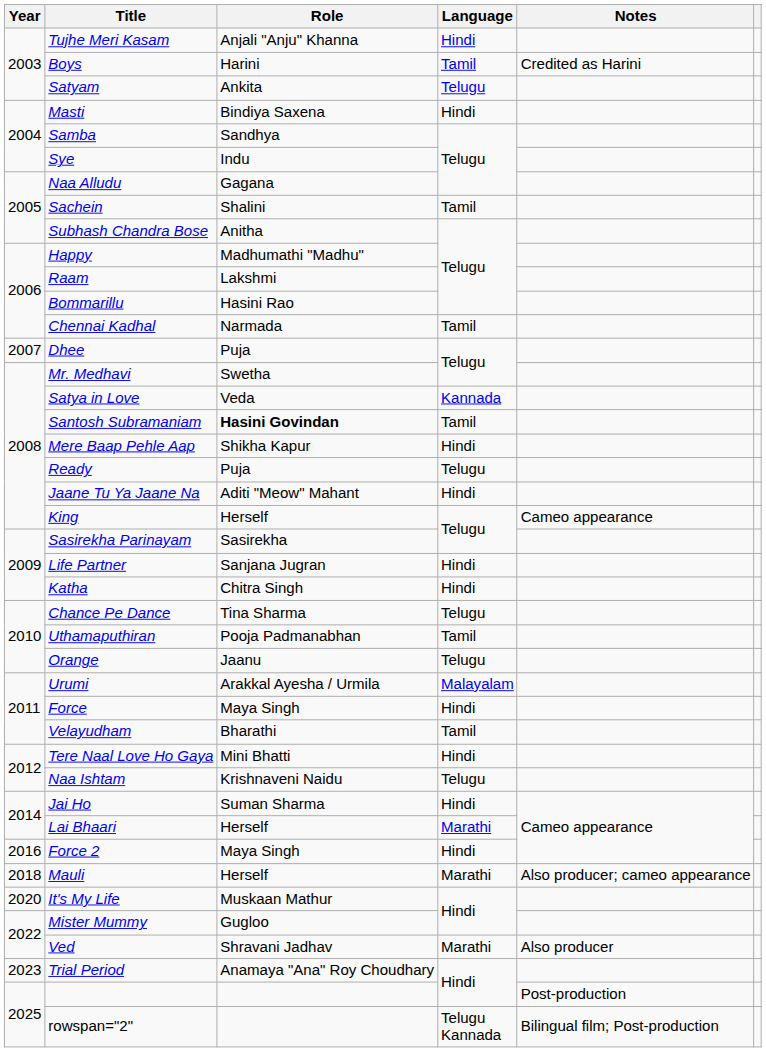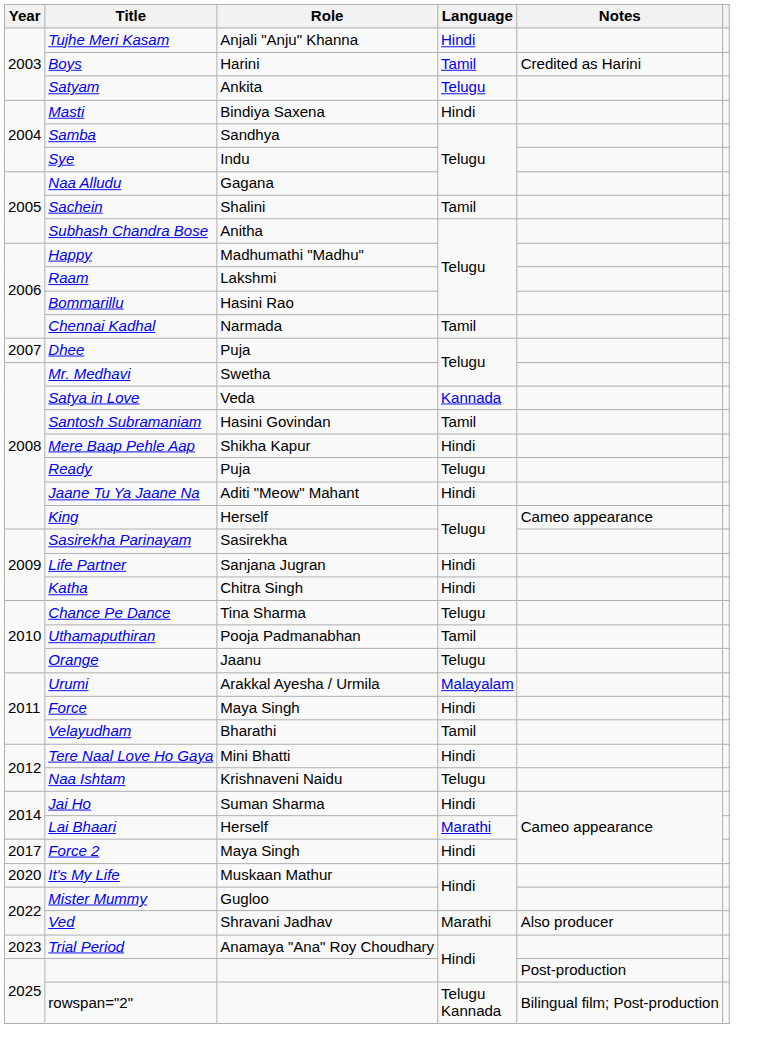 <table class="wikitable sortable">
 <tr>
 <th>Year</th>
 <th>Title</th>
 <th>Role</th>
 <th>Language</th>
 <th class="unsortable">Notes</th>
 <th class="unsortable"></th>
 </tr>
 <tr>
 <td rowspan="3">2003</td>
 <td><em><a href='#'>Tujhe Meri Kasam</a></em></td>
 <td>Anjali "Anju" Khanna</td>
 <td><a href='#'>Hindi</a></td>
 <td></td>
 <td></td>
 </tr>
 <tr>
 <td><em><a href='#'>Boys</a></em></td>
 <td>Harini</td>
 <td><a href='#'>Tamil</a></td>
 <td>Credited as Harini</td>
 <td></td>
 </tr>
 <tr>
 <td><em><a href='#'>Satyam</a></em></td>
 <td>Ankita</td>
 <td><a href='#'>Telugu</a></td>
 <td></td>
 <td></td>
 </tr>
 <tr>
 <td rowspan="3">2004</td>
 <td><em><a href='#'>Masti</a></em></td>
 <td>Bindiya Saxena</td>
 <td>Hindi</td>
 <td></td>
 <td></td>
 </tr>
 <tr>
 <td><em><a href='#'>Samba</a></em></td>
 <td>Sandhya</td>
 <td rowspan="3">Telugu</td>
 <td></td>
 <td></td>
 </tr>
 <tr>
 <td><em><a href='#'>Sye</a></em></td>
 <td>Indu</td>
 <td></td>
 <td></td>
 </tr>
 <tr>
 <td rowspan="3">2005</td>
 <td><em><a href='#'>Naa Alludu</a></em></td>
 <td>Gagana</td>
 <td></td>
 <td></td>
 </tr>
 <tr>
 <td><em><a href='#'>Sachein</a></em></td>
 <td>Shalini</td>
 <td>Tamil</td>
 <td></td>
 <td></td>
 </tr>
 <tr>
 <td><em><a href='#'>Subhash Chandra Bose</a></em></td>
 <td>Anitha</td>
 <td rowspan="4">Telugu</td>
 <td></td>
 <td></td>
 </tr>
 <tr>
 <td rowspan="4">2006</td>
 <td><em><a href='#'>Happy</a></em></td>
 <td>Madhumathi "Madhu"</td>
 <td></td>
 <td></td>
 </tr>
 <tr>
 <td><em><a href='#'>Raam</a></em></td>
 <td>Lakshmi</td>
 <td></td>
 <td></td>
 </tr>
 <tr>
 <td><em><a href='#'>Bommarillu</a></em></td>
 <td>Hasini Rao</td>
 <td></td>
 <td></td>
 </tr>
 <tr>
 <td><em><a href='#'>Chennai Kadhal</a></em></td>
 <td>Narmada</td>
 <td>Tamil</td>
 <td></td>
 <td></td>
 </tr>
 <tr>
 <td>2007</td>
 <td><em><a href='#'>Dhee</a></em></td>
 <td>Puja</td>
 <td rowspan="2">Telugu</td>
 <td></td>
 <td></td>
 </tr>
 <tr>
 <td rowspan="7">2008</td>
 <td><em><a href='#'>Mr. Medhavi</a></em></td>
 <td>Swetha</td>
 <td></td>
 <td></td>
 </tr>
 <tr>
 <td><em><a href='#'>Satya in Love</a></em></td>
 <td>Veda</td>
 <td><a href='#'>Kannada</a></td>
 <td></td>
 <td></td>
 </tr>
 <tr>
 <td><em><a href='#'>Santosh Subramaniam</a></em></td>
-<td><strong>Hasini Govindan</strong></td>
+<td>Hasini Govindan</td>
 <td>Tamil</td>
 <td></td>
 <td></td>
 </tr>
 <tr>
 <td><em><a href='#'>Mere Baap Pehle Aap</a></em></td>
 <td>Shikha Kapur</td>
 <td>Hindi</td>
 <td></td>
 <td></td>
 </tr>
 <tr>
 <td><em><a href='#'>Ready</a></em></td>
 <td>Puja</td>
 <td>Telugu</td>
 <td></td>
 <td></td>
 </tr>
 <tr>
 <td><em><a href='#'>Jaane Tu Ya Jaane Na</a></em></td>
 <td>Aditi "Meow" Mahant</td>
 <td>Hindi</td>
 <td></td>
 <td></td>
 </tr>
 <tr>
 <td><em><a href='#'>King</a></em></td>
 <td>Herself</td>
 <td rowspan="2">Telugu</td>
 <td>Cameo appearance</td>
 <td></td>
 </tr>
 <tr>
 <td rowspan="3">2009</td>
 <td><em><a href='#'>Sasirekha Parinayam</a></em></td>
 <td>Sasirekha</td>
 <td></td>
 <td></td>
 </tr>
 <tr>
 <td><em><a href='#'>Life Partner</a></em></td>
 <td>Sanjana Jugran</td>
 <td>Hindi</td>
 <td></td>
 <td></td>
 </tr>
 <tr>
 <td><em><a href='#'>Katha</a></em></td>
 <td>Chitra Singh</td>
 <td>Hindi</td>
 <td></td>
 <td></td>
 </tr>
 <tr>
 <td rowspan="3">2010</td>
 <td><em><a href='#'>Chance Pe Dance</a></em></td>
 <td>Tina Sharma</td>
 <td>Telugu</td>
 <td></td>
 <td></td>
 </tr>
 <tr>
 <td><em><a href='#'>Uthamaputhiran</a></em></td>
 <td>Pooja Padmanabhan</td>
 <td>Tamil</td>
 <td></td>
 <td></td>
 </tr>
 <tr>
 <td><em><a href='#'>Orange</a></em></td>
 <td>Jaanu</td>
 <td>Telugu</td>
 <td></td>
 <td></td>
 </tr>
 <tr>
 <td rowspan="3">2011</td>
 <td><em><a href='#'>Urumi</a></em></td>
 <td>Arakkal Ayesha / Urmila</td>
 <td><a href='#'>Malayalam</a></td>
 <td></td>
 <td></td>
 </tr>
 <tr>
 <td><em><a href='#'>Force</a></em></td>
 <td>Maya Singh</td>
 <td>Hindi</td>
 <td></td>
 <td></td>
 </tr>
 <tr>
 <td><em><a href='#'>Velayudham</a></em></td>
 <td>Bharathi</td>
 <td>Tamil</td>
 <td></td>
 <td></td>
 </tr>
 <tr>
 <td rowspan="2">2012</td>
 <td><em><a href='#'>Tere Naal Love Ho Gaya</a></em></td>
 <td>Mini Bhatti</td>
 <td>Hindi</td>
 <td></td>
 <td></td>
 </tr>
 <tr>
 <td><em><a href='#'>Naa Ishtam</a></em></td>
 <td>Krishnaveni Naidu</td>
 <td>Telugu</td>
 <td></td>
 <td></td>
 </tr>
 <tr>
 <td rowspan="2">2014</td>
 <td><em><a href='#'>Jai Ho</a></em></td>
 <td>Suman Sharma</td>
 <td>Hindi</td>
 <td rowspan="3">Cameo appearance</td>
 <td></td>
 </tr>
 <tr>
 <td><em><a href='#'>Lai Bhaari</a></em></td>
 <td>Herself</td>
 <td><a href='#'>Marathi</a></td>
 <td></td>
 </tr>
 <tr>
-<td>2016</td>
+<td>2017</td>
 <td><em><a href='#'>Force 2</a></em></td>
 <td>Maya Singh</td>
 <td>Hindi</td>
-<td></td>
-</tr>
-<tr>
-<td>2018</td>
-<td><em><a href='#'>Mauli</a></em></td>
-<td>Herself</td>
-<td>Marathi</td>
-<td>Also producer; cameo appearance</td>
 <td></td>
 </tr>
 <tr>
 <td>2020</td>
 <td><em><a href='#'>It's My Life</a></em></td>
 <td>Muskaan Mathur</td>
 <td rowspan="2">Hindi</td>
 <td></td>
 <td></td>
 </tr>
 <tr>
 <td rowspan='2'>2022</td>
 <td><em><a href='#'>Mister Mummy</a></em></td>
 <td>Gugloo</td>
 <td></td>
 <td></td>
 </tr>
 <tr>
 <td><em><a href='#'>Ved</a></em></td>
 <td>Shravani Jadhav</td>
 <td>Marathi</td>
 <td>Also producer</td>
 <td></td>
 </tr>
 <tr>
 <td>2023</td>
 <td><em><a href='#'>Trial Period</a></em></td>
 <td>Anamaya "Ana" Roy Choudhary</td>
 <td rowspan="2">Hindi</td>
 <td></td>
 <td></td>
 </tr>
 <tr>
 <td rowspan="2">2025</td>
 <td></td>
 <td></td>
 <td>Post-production</td>
 <td></td>
 </tr>
 <tr>
 <td>rowspan="2" </td>
 <td></td>
 <td>Telugu<br>Kannada</td>
 <td>Bilingual film; Post-production</td>
 <td></td>
 </tr>
 </table>
